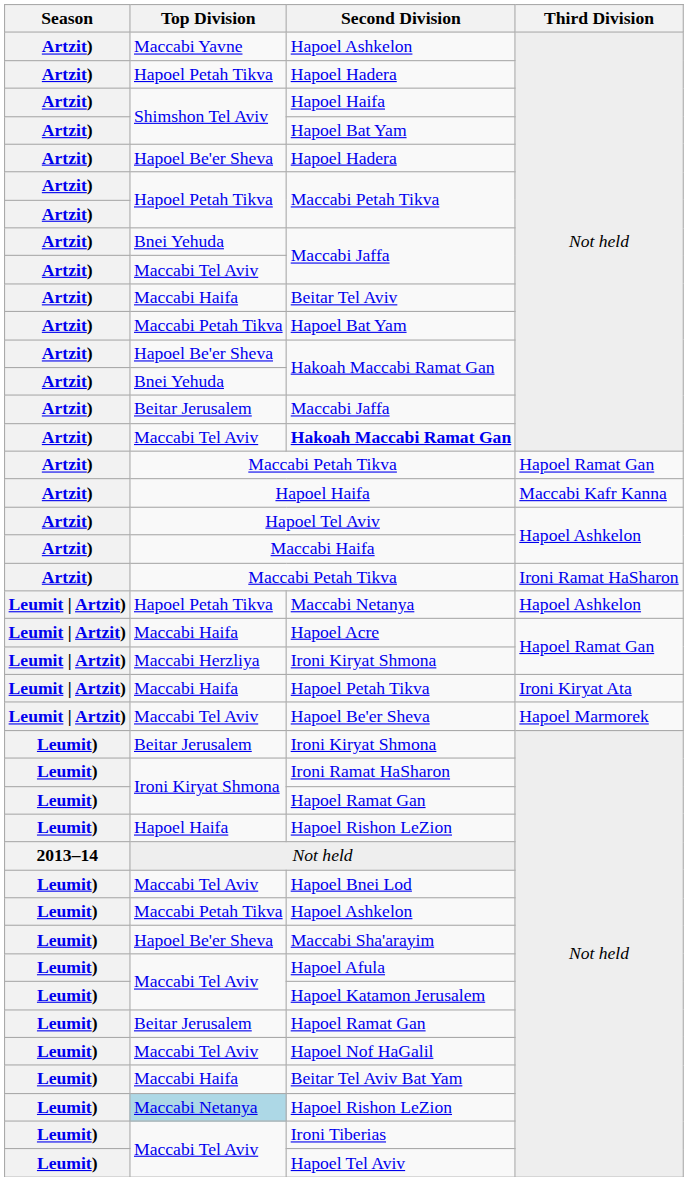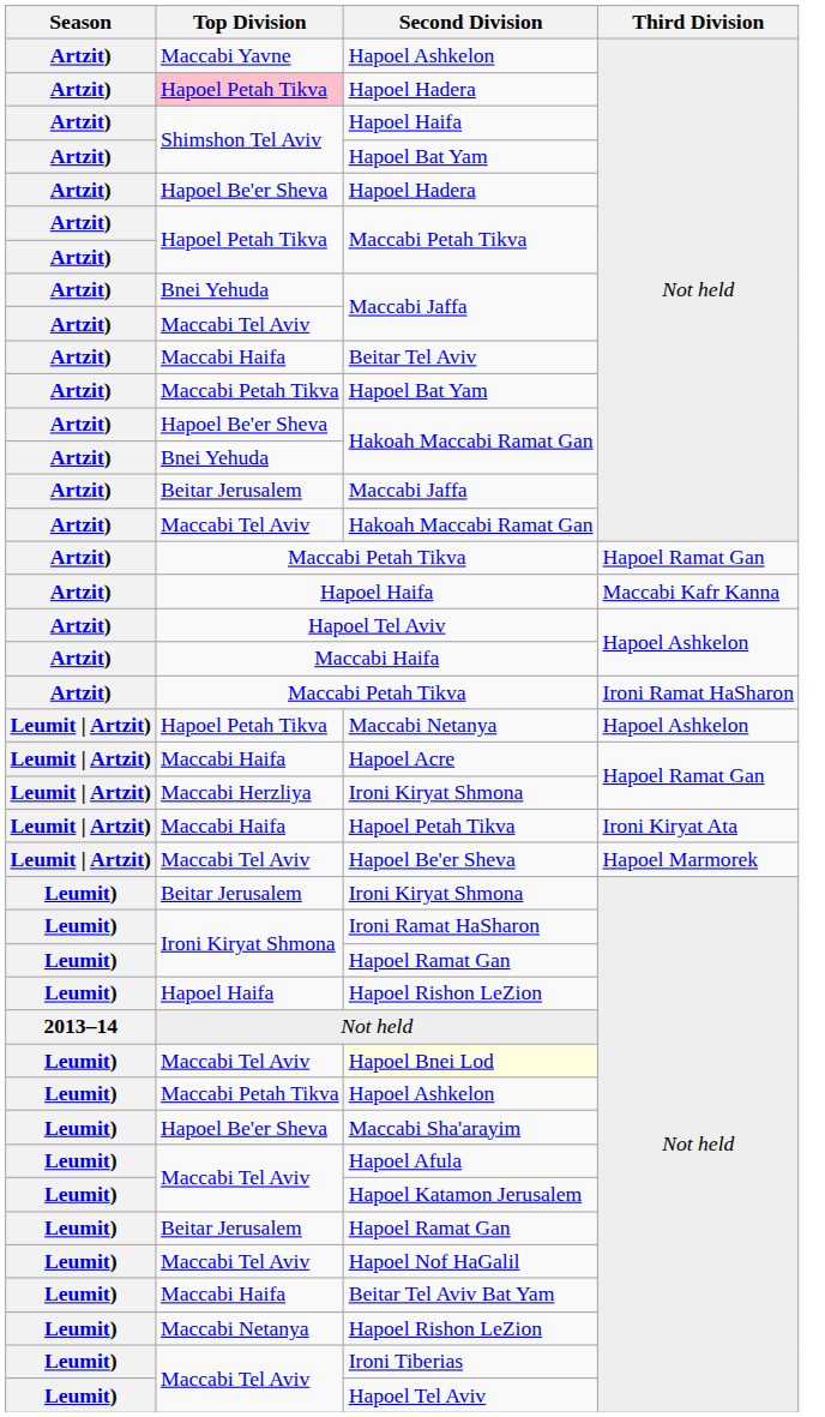 <table class="wikitable sortable">
 <tr>
 <th>Season</th>
 <th>Top Division</th>
 <th>Second Division</th>
 <th>Third Division</th>
 </tr>
 <tr>
 <th 1984–85 (><a href='#'>Artzit</a>)</th>
 <td><a href='#'>Maccabi Yavne</a></td>
 <td><a href='#'>Hapoel Ashkelon</a></td>
 <td rowspan=15 align=center bgcolor=eeeeee><em>Not held</em></td>
 </tr>
 <tr>
 <th 1985–86 (><a href='#'>Artzit</a>)</th>
-<td><a href='#'>Hapoel Petah Tikva</a></td>
+<td style="background: pink;"><a href='#'>Hapoel Petah Tikva</a></td>
 <td><a href='#'>Hapoel Hadera</a></td>
 </tr>
 <tr>
 <th 1986–87 (><a href='#'>Artzit</a>)</th>
 <td rowspan=2><a href='#'>Shimshon Tel Aviv</a></td>
 <td><a href='#'>Hapoel Haifa</a></td>
 </tr>
 <tr>
 <th 1987–88 (><a href='#'>Artzit</a>)</th>
 <td><a href='#'>Hapoel Bat Yam</a></td>
 </tr>
 <tr>
 <th 1988–89 (><a href='#'>Artzit</a>)</th>
 <td><a href='#'>Hapoel Be'er Sheva</a></td>
 <td><a href='#'>Hapoel Hadera</a></td>
 </tr>
 <tr>
 <th 1989–90 (><a href='#'>Artzit</a>)</th>
 <td rowspan=2><a href='#'>Hapoel Petah Tikva</a></td>
 <td rowspan=2><a href='#'>Maccabi Petah Tikva</a></td>
 </tr>
 <tr>
 <th 1990–91 (><a href='#'>Artzit</a>)</th>
 </tr>
 <tr>
 <th 1991–92 (><a href='#'>Artzit</a>)</th>
 <td><a href='#'>Bnei Yehuda</a></td>
 <td rowspan=2><a href='#'>Maccabi Jaffa</a></td>
 </tr>
 <tr>
 <th 1992–93 (><a href='#'>Artzit</a>)</th>
 <td><a href='#'>Maccabi Tel Aviv</a></td>
 </tr>
 <tr>
 <th 1993–94 (><a href='#'>Artzit</a>)</th>
 <td><a href='#'>Maccabi Haifa</a></td>
 <td><a href='#'>Beitar Tel Aviv</a></td>
 </tr>
 <tr>
 <th 1994–95 (><a href='#'>Artzit</a>)</th>
 <td><a href='#'>Maccabi Petah Tikva</a></td>
 <td><a href='#'>Hapoel Bat Yam</a></td>
 </tr>
 <tr>
 <th 1995–96 (><a href='#'>Artzit</a>)</th>
 <td><a href='#'>Hapoel Be'er Sheva</a></td>
 <td rowspan=2><a href='#'>Hakoah Maccabi Ramat Gan</a></td>
 </tr>
 <tr>
 <th 1996–97 (><a href='#'>Artzit</a>)</th>
 <td><a href='#'>Bnei Yehuda</a></td>
 </tr>
 <tr>
 <th 1997–98 (><a href='#'>Artzit</a>)</th>
 <td><a href='#'>Beitar Jerusalem</a></td>
 <td><a href='#'>Maccabi Jaffa</a></td>
 </tr>
 <tr>
 <th 1998–99 (><a href='#'>Artzit</a>)</th>
 <td><a href='#'>Maccabi Tel Aviv</a></td>
-<td><strong><a href='#'>Hakoah Maccabi Ramat Gan</a></strong></td>
+<td><a href='#'>Hakoah Maccabi Ramat Gan</a></td>
 </tr>
 <tr>
 <th 1999–2000 (><a href='#'>Artzit</a>)</th>
 <td colspan=2 align=center><a href='#'>Maccabi Petah Tikva</a></td>
 <td><a href='#'>Hapoel Ramat Gan</a></td>
 </tr>
 <tr>
 <th 2000–01 (><a href='#'>Artzit</a>)</th>
 <td colspan=2 align=center><a href='#'>Hapoel Haifa</a></td>
 <td><a href='#'>Maccabi Kafr Kanna</a></td>
 </tr>
 <tr>
 <th 2001–02 (><a href='#'>Artzit</a>)</th>
 <td colspan=2 align=center><a href='#'>Hapoel Tel Aviv</a></td>
 <td rowspan=2><a href='#'>Hapoel Ashkelon</a></td>
 </tr>
 <tr>
 <th 2002–03 (><a href='#'>Artzit</a>)</th>
 <td colspan=2 align=center><a href='#'>Maccabi Haifa</a></td>
 </tr>
 <tr>
 <th 2003–04 (><a href='#'>Artzit</a>)</th>
 <td colspan=2 align=center><a href='#'>Maccabi Petah Tikva</a></td>
 <td><a href='#'>Ironi Ramat HaSharon</a></td>
 </tr>
 <tr>
 <th 2004–05 (><a href='#'>Leumit</a> | <a href='#'>Artzit</a>)</th>
 <td><a href='#'>Hapoel Petah Tikva</a></td>
 <td><a href='#'>Maccabi Netanya</a></td>
 <td><a href='#'>Hapoel Ashkelon</a></td>
 </tr>
 <tr>
 <th 2005–06 (><a href='#'>Leumit</a> | <a href='#'>Artzit</a>)</th>
 <td><a href='#'>Maccabi Haifa</a></td>
 <td><a href='#'>Hapoel Acre</a></td>
 <td rowspan=2><a href='#'>Hapoel Ramat Gan</a></td>
 </tr>
 <tr>
 <th 2006–07 (><a href='#'>Leumit</a> | <a href='#'>Artzit</a>)</th>
 <td><a href='#'>Maccabi Herzliya</a></td>
 <td><a href='#'>Ironi Kiryat Shmona</a></td>
 </tr>
 <tr>
 <th 2007–08 (><a href='#'>Leumit</a> | <a href='#'>Artzit</a>)</th>
 <td><a href='#'>Maccabi Haifa</a></td>
 <td><a href='#'>Hapoel Petah Tikva</a></td>
 <td><a href='#'>Ironi Kiryat Ata</a></td>
 </tr>
 <tr>
 <th 2008–09 (><a href='#'>Leumit</a> | <a href='#'>Artzit</a>)</th>
 <td><a href='#'>Maccabi Tel Aviv</a></td>
 <td><a href='#'>Hapoel Be'er Sheva</a></td>
 <td><a href='#'>Hapoel Marmorek</a></td>
 </tr>
 <tr>
 <th 2009–10 (><a href='#'>Leumit</a>)</th>
 <td><a href='#'>Beitar Jerusalem</a></td>
 <td><a href='#'>Ironi Kiryat Shmona</a></td>
 <td rowspan=16 align=center bgcolor=eeeeee><em>Not held</em></td>
 </tr>
 <tr>
 <th 2010–11 (><a href='#'>Leumit</a>)</th>
 <td rowspan=2><a href='#'>Ironi Kiryat Shmona</a></td>
 <td><a href='#'>Ironi Ramat HaSharon</a></td>
 </tr>
 <tr>
 <th 2011–12 (><a href='#'>Leumit</a>)</th>
 <td><a href='#'>Hapoel Ramat Gan</a></td>
 </tr>
 <tr>
 <th 2012–13 (><a href='#'>Leumit</a>)</th>
 <td><a href='#'>Hapoel Haifa</a></td>
 <td><a href='#'>Hapoel Rishon LeZion</a></td>
 </tr>
 <tr>
 <th>2013–14</th>
 <td colspan=2 align=center bgcolor=eeeeee><em>Not held</em></td>
 </tr>
 <tr>
 <th 2014–15 (><a href='#'>Leumit</a>)</th>
 <td><a href='#'>Maccabi Tel Aviv</a></td>
-<td><a href='#'>Hapoel Bnei Lod</a></td>
+<td style="background: lightyellow;"><a href='#'>Hapoel Bnei Lod</a></td>
 </tr>
 <tr>
 <th 2015–16 (><a href='#'>Leumit</a>)</th>
 <td><a href='#'>Maccabi Petah Tikva</a></td>
 <td><a href='#'>Hapoel Ashkelon</a></td>
 </tr>
 <tr>
 <th 2016–17 (><a href='#'>Leumit</a>)</th>
 <td><a href='#'>Hapoel Be'er Sheva</a></td>
 <td><a href='#'>Maccabi Sha'arayim</a></td>
 </tr>
 <tr>
 <th 2017–18 (><a href='#'>Leumit</a>)</th>
 <td rowspan=2><a href='#'>Maccabi Tel Aviv</a></td>
 <td><a href='#'>Hapoel Afula</a></td>
 </tr>
 <tr>
 <th 2018–19 (><a href='#'>Leumit</a>)</th>
 <td><a href='#'>Hapoel Katamon Jerusalem</a></td>
 </tr>
 <tr>
 <th 2019–20 (><a href='#'>Leumit</a>)</th>
 <td><a href='#'>Beitar Jerusalem</a></td>
 <td><a href='#'>Hapoel Ramat Gan</a></td>
 </tr>
 <tr>
 <th 2020–21 (><a href='#'>Leumit</a>)</th>
 <td><a href='#'>Maccabi Tel Aviv</a></td>
 <td><a href='#'>Hapoel Nof HaGalil</a></td>
 </tr>
 <tr>
 <th 2021–22 (><a href='#'>Leumit</a>)</th>
 <td><a href='#'>Maccabi Haifa</a></td>
 <td><a href='#'>Beitar Tel Aviv Bat Yam</a></td>
 </tr>
 <tr>
 <th 2022–23 (><a href='#'>Leumit</a>)</th>
-<td style="background: lightblue;"><a href='#'>Maccabi Netanya</a></td>
+<td><a href='#'>Maccabi Netanya</a></td>
 <td><a href='#'>Hapoel Rishon LeZion</a></td>
 </tr>
 <tr>
 <th 2023–24 (><a href='#'>Leumit</a>)</th>
 <td rowspan=2><a href='#'>Maccabi Tel Aviv</a></td>
 <td><a href='#'>Ironi Tiberias</a></td>
 </tr>
 <tr>
 <th 2024–25 (><a href='#'>Leumit</a>)</th>
 <td><a href='#'>Hapoel Tel Aviv</a></td>
 </tr>
 </table>
